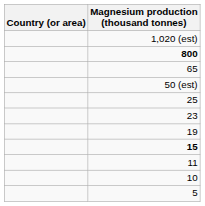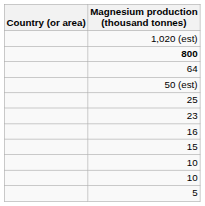 <table class="wikitable sortable static-row-numbers" style="text-align:right;">
 <tr class="static-row-header" style="text-align:center;vertical-align:bottom;">
 <th>Country (or area)</th>
 <th>Magnesium production<br>(thousand tonnes)</th>
 </tr>
 <tr>
 <td style=text-align:left></td>
 <td>1,020 (est)</td>
 </tr>
 <tr>
 <td></td>
 <td><strong>800</strong></td>
 </tr>
 <tr>
 <td></td>
-<td>65</td>
+<td>64</td>
 </tr>
 <tr>
 <td></td>
 <td>50 (est)</td>
 </tr>
 <tr>
 <td></td>
 <td>25</td>
 </tr>
 <tr>
 <td></td>
 <td>23</td>
 </tr>
 <tr>
 <td></td>
-<td>19</td>
+<td>16</td>
 </tr>
 <tr>
 <td></td>
-<td><strong>15</strong></td>
+<td>15</td>
 </tr>
 <tr>
 <td></td>
-<td>11</td>
+<td>10</td>
 </tr>
 <tr>
 <td></td>
 <td>10</td>
 </tr>
 <tr>
 <td></td>
 <td>5</td>
 </tr>
 </table>
